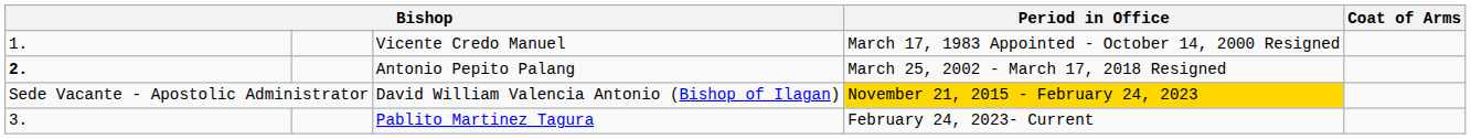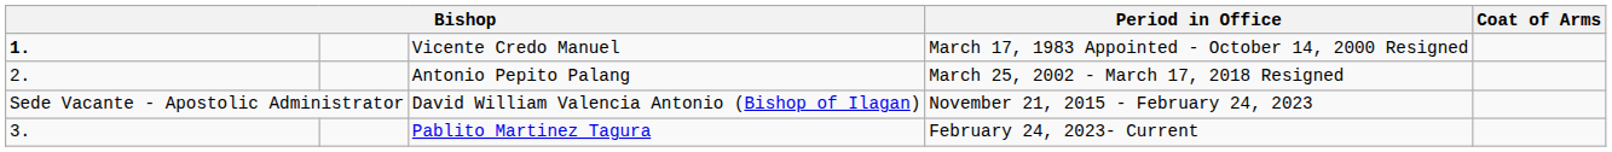 <table class="wikitable">
 <tr>
 <th colspan="3">Bishop</th>
 <th>Period in Office</th>
 <th>Coat of Arms</th>
 </tr>
 <tr>
-<td>1.</td>
+<td><strong>1.</strong></td>
 <td></td>
 <td>Vicente Credo Manuel</td>
 <td>March 17, 1983 Appointed - October 14, 2000 Resigned</td>
 <td></td>
 </tr>
 <tr>
-<td><strong>2.</strong></td>
+<td>2.</td>
 <td></td>
 <td>Antonio Pepito Palang</td>
 <td>March 25, 2002 - March 17, 2018 Resigned</td>
 <td></td>
 </tr>
 <tr>
 <td colspan="2">Sede Vacante - Apostolic Administrator</td>
 <td>David William Valencia Antonio (<a href='#'>Bishop of Ilagan</a>)</td>
-<td style="background: gold;">November 21, 2015 - February 24, 2023</td>
+<td>November 21, 2015 - February 24, 2023</td>
 </tr>
 <tr>
 <td>3.</td>
 <td></td>
 <td><a href='#'>Pablito Martinez Tagura</a></td>
 <td>February 24, 2023- Current</td>
 <td></td>
 </tr>
 </table>
